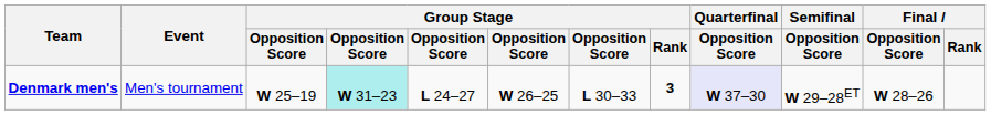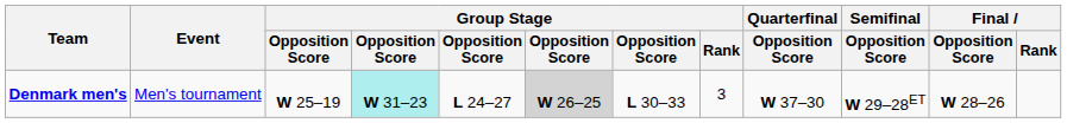 <table class="wikitable" style="font-size:90%">
 <tr>
 <th rowspan=2>Team</th>
 <th rowspan=2>Event</th>
 <th colspan=6>Group Stage</th>
 <th>Quarterfinal</th>
 <th>Semifinal</th>
 <th colspan=2>Final / </th>
 </tr>
 <tr style="font-size:95%">
 <th>Opposition<br>Score</th>
 <th>Opposition<br>Score</th>
 <th>Opposition<br>Score</th>
 <th>Opposition<br>Score</th>
 <th>Opposition<br>Score</th>
 <th>Rank</th>
 <th>Opposition<br>Score</th>
 <th>Opposition<br>Score</th>
 <th>Opposition<br>Score</th>
 <th>Rank</th>
 </tr>
 <tr align=center>
 <td align=left><strong><a href='#'>Denmark men's</a></strong></td>
 <td align=left><a href='#'>Men's tournament</a></td>
 <td><br><strong>W</strong> 25–19</td>
 <td style="background: paleturquoise;"><br><strong>W</strong> 31–23</td>
 <td><br><strong>L</strong> 24–27</td>
-<td><br><strong>W</strong> 26–25</td>
+<td style="background: lightgrey;"><br><strong>W</strong> 26–25</td>
 <td><br><strong>L</strong> 30–33</td>
-<td><strong>3</strong></td>
-<td style="background: lavender;"><br><strong>W</strong> 37–30</td>
+<td>3</td>
+<td><br><strong>W</strong> 37–30</td>
 <td><br><strong>W</strong> 29–28<sup>ET</sup></td>
 <td><br><strong>W</strong> 28–26</td>
 <td></td>
 </tr>
 </table>
